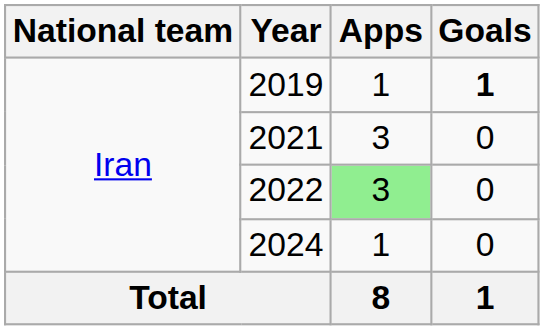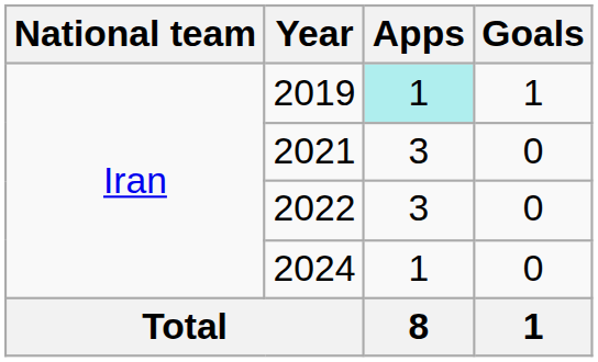 <table class="wikitable" style="text-align:center">
 <tr>
 <th>National team</th>
 <th>Year</th>
 <th>Apps</th>
 <th>Goals</th>
 </tr>
 <tr>
 <td rowspan="4"><a href='#'>Iran</a></td>
 <td>2019</td>
+<td style="background: paleturquoise;">1</td>
 <td>1</td>
-<td><strong>1</strong></td>
 </tr>
 <tr>
 <td>2021</td>
 <td>3</td>
 <td>0</td>
 </tr>
 <tr>
 <td>2022</td>
-<td style="background: lightgreen;">3</td>
+<td>3</td>
 <td>0</td>
 </tr>
 <tr>
 <td>2024</td>
 <td>1</td>
 <td>0</td>
 </tr>
 <tr>
 <th colspan="2">Total</th>
 <th>8</th>
 <th>1</th>
 </tr>
 </table>
